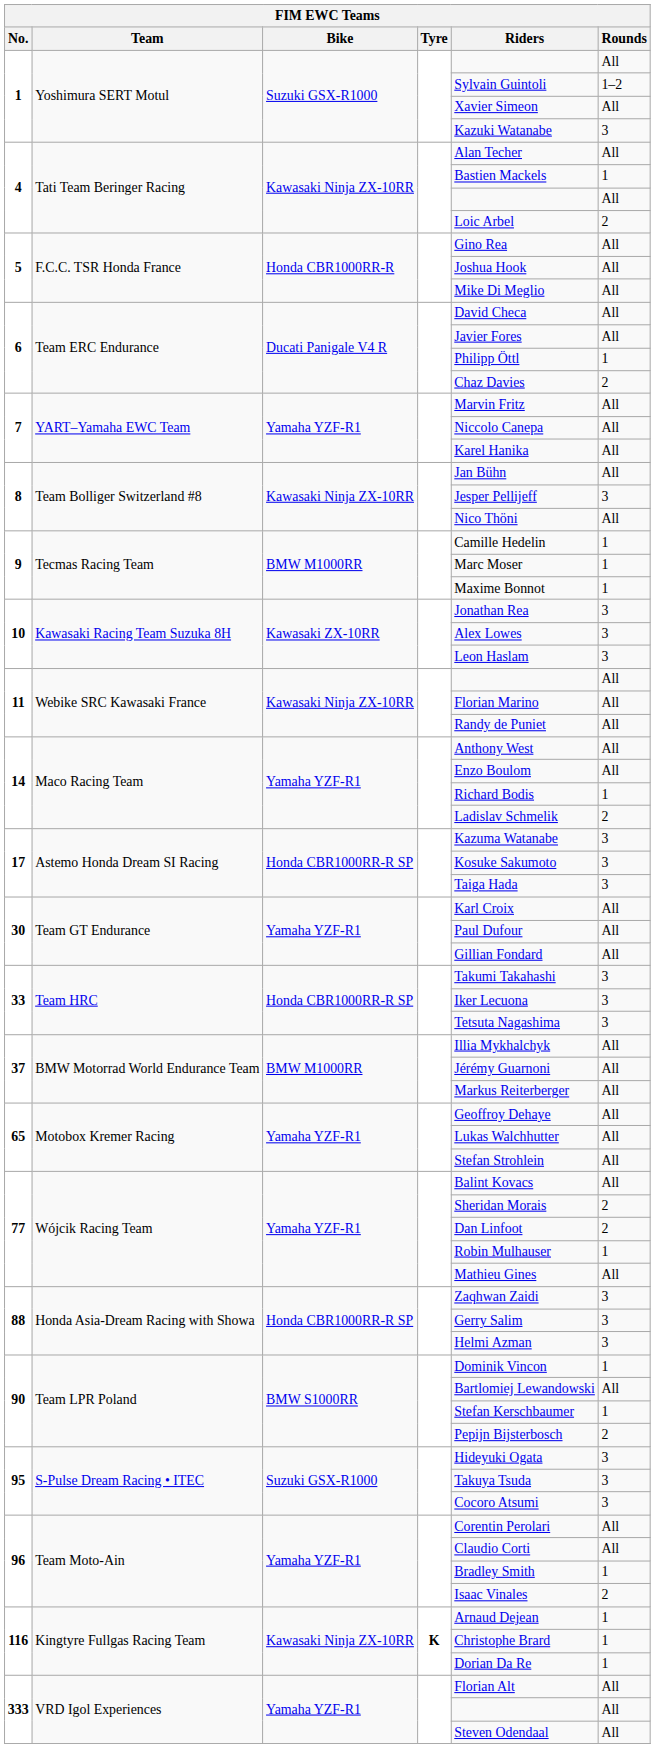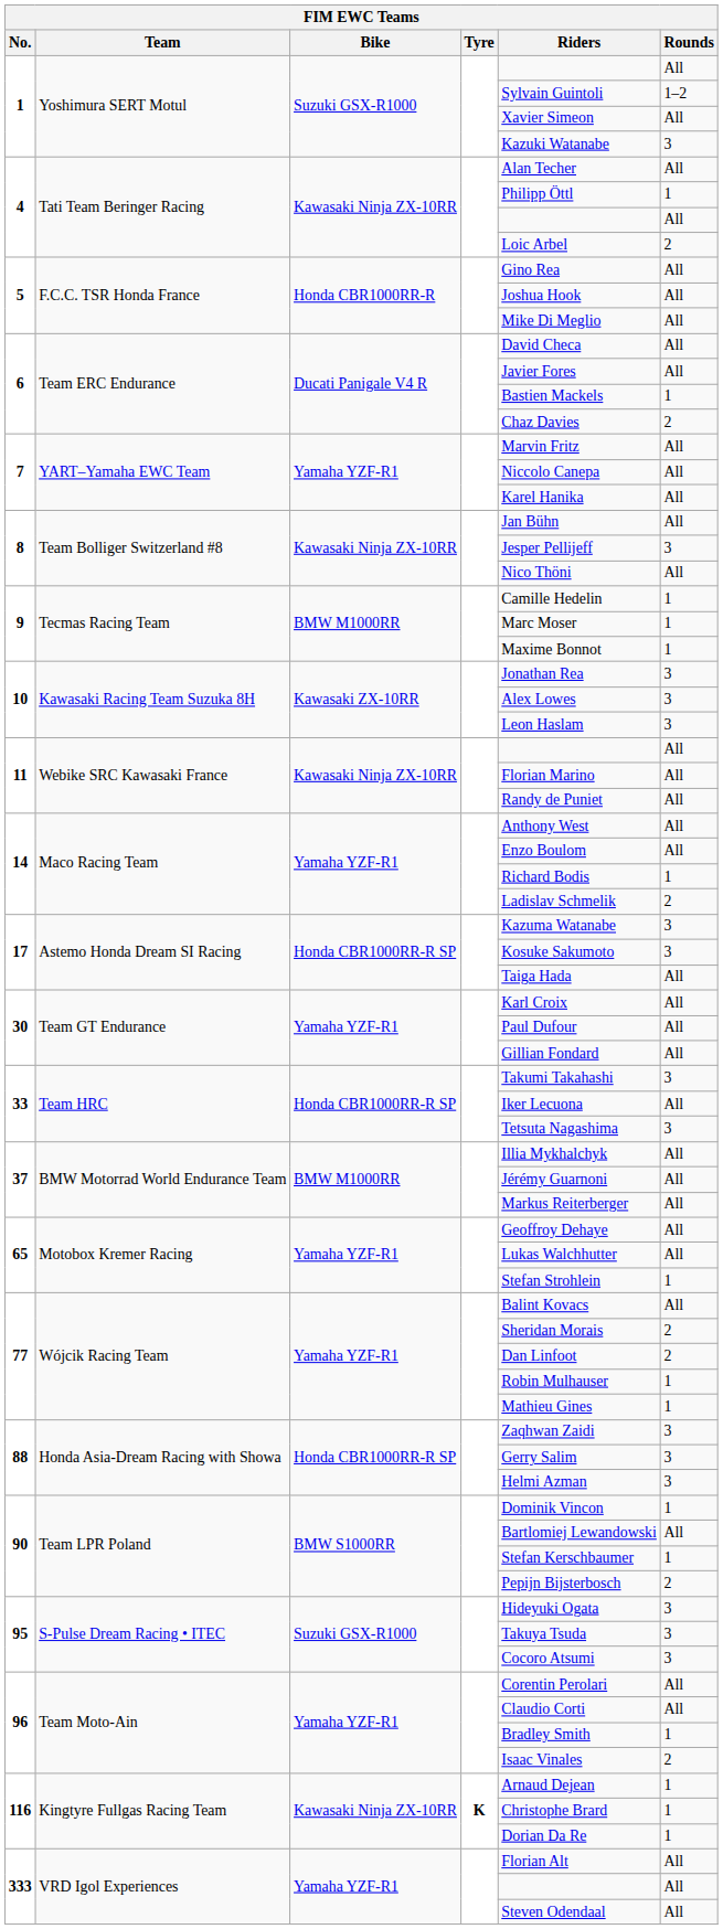 <table class="wikitable" style="font-size: 85%">
 <tr>
 <th colspan="6">FIM EWC Teams</th>
 </tr>
 <tr>
 <th>No.</th>
 <th>Team</th>
 <th>Bike</th>
 <th>Tyre</th>
 <th>Riders</th>
 <th>Rounds</th>
 </tr>
 <tr>
 <td rowspan=4 style="background:white; text-align:center;"><strong>1</strong></td>
 <td rowspan=4> Yoshimura SERT Motul</td>
 <td rowspan=4><a href='#'>Suzuki GSX-R1000</a></td>
 <td rowspan=4 style="background:white; text-align:center;"></td>
 <td> </td>
 <td>All</td>
 </tr>
 <tr>
 <td> <a href='#'>Sylvain Guintoli</a></td>
 <td>1–2</td>
 </tr>
 <tr>
 <td> <a href='#'>Xavier Simeon</a></td>
 <td>All</td>
 </tr>
 <tr>
 <td> <a href='#'>Kazuki Watanabe</a></td>
 <td>3</td>
 </tr>
 <tr>
 <td rowspan=4 style="background:white; text-align:center;"><strong>4</strong></td>
 <td rowspan=4> Tati Team Beringer Racing</td>
 <td rowspan=4><a href='#'>Kawasaki Ninja ZX-10RR</a></td>
 <td rowspan=4 style="background:white; text-align:center;"></td>
 <td> <a href='#'>Alan Techer</a></td>
 <td>All</td>
 </tr>
 <tr>
-<td> <a href='#'>Bastien Mackels</a></td>
+<td> <a href='#'>Philipp Öttl</a></td>
 <td>1</td>
 </tr>
 <tr>
 <td> </td>
 <td>All</td>
 </tr>
 <tr>
 <td> <a href='#'>Loic Arbel</a></td>
 <td>2</td>
 </tr>
 <tr>
 <td rowspan=3 style="background:white; text-align:center;"><strong>5</strong></td>
 <td rowspan=3> F.C.C. TSR Honda France</td>
 <td rowspan=3><a href='#'>Honda CBR1000RR-R</a></td>
 <td rowspan=3 style="background:white; text-align:center;"></td>
 <td> <a href='#'>Gino Rea</a></td>
 <td>All</td>
 </tr>
 <tr>
 <td> <a href='#'>Joshua Hook</a></td>
 <td>All</td>
 </tr>
 <tr>
 <td> <a href='#'>Mike Di Meglio</a></td>
 <td>All</td>
 </tr>
 <tr>
 <td rowspan=4 style="background:white; text-align:center;"><strong>6</strong></td>
 <td rowspan=4> Team ERC Endurance</td>
 <td rowspan=4><a href='#'>Ducati Panigale V4 R</a></td>
 <td rowspan=4 style="background:white; text-align:center;"></td>
 <td> <a href='#'>David Checa</a></td>
 <td>All</td>
 </tr>
 <tr>
 <td> <a href='#'>Javier Fores</a></td>
 <td>All</td>
 </tr>
 <tr>
-<td> <a href='#'>Philipp Öttl</a></td>
+<td> <a href='#'>Bastien Mackels</a></td>
 <td>1</td>
 </tr>
 <tr>
 <td> <a href='#'>Chaz Davies</a></td>
 <td>2</td>
 </tr>
 <tr>
 <td rowspan=3 style="background:white; text-align:center;"><strong>7</strong></td>
 <td rowspan=3> <a href='#'>YART–Yamaha EWC Team</a></td>
 <td rowspan=3><a href='#'>Yamaha YZF-R1</a></td>
 <td rowspan=3 style="background:white; text-align:center;"></td>
 <td> <a href='#'>Marvin Fritz</a></td>
 <td>All</td>
 </tr>
 <tr>
 <td> <a href='#'>Niccolo Canepa</a></td>
 <td>All</td>
 </tr>
 <tr>
 <td> <a href='#'>Karel Hanika</a></td>
 <td>All</td>
 </tr>
 <tr>
 <td rowspan=3 style="background:white; text-align:center;"><strong>8</strong></td>
 <td rowspan=3> Team Bolliger Switzerland #8</td>
 <td rowspan=3><a href='#'>Kawasaki Ninja ZX-10RR</a></td>
 <td rowspan=3 style="background:white; text-align:center;"></td>
 <td> <a href='#'>Jan Bühn</a></td>
 <td>All</td>
 </tr>
 <tr>
 <td> <a href='#'>Jesper Pellijeff</a></td>
 <td>3</td>
 </tr>
 <tr>
 <td> <a href='#'>Nico Thöni</a></td>
 <td>All</td>
 </tr>
 <tr>
 <td rowspan=3 style="background:white; text-align:center;"><strong>9</strong></td>
 <td rowspan="3"> Tecmas Racing Team</td>
 <td rowspan="3"><a href='#'>BMW M1000RR</a></td>
 <td rowspan=3 style="background:white; text-align:center;"></td>
 <td> Camille Hedelin</td>
 <td>1</td>
 </tr>
 <tr>
 <td> Marc Moser</td>
 <td>1</td>
 </tr>
 <tr>
 <td> Maxime Bonnot</td>
 <td>1</td>
 </tr>
 <tr>
 <td rowspan=3 style="background:white; text-align:center;"><strong>10</strong></td>
 <td rowspan=3> <a href='#'>Kawasaki Racing Team Suzuka 8H</a></td>
 <td rowspan=3><a href='#'>Kawasaki ZX-10RR</a></td>
 <td rowspan=3 style="background:white; text-align:center;"></td>
 <td> <a href='#'>Jonathan Rea</a></td>
 <td>3</td>
 </tr>
 <tr>
 <td> <a href='#'>Alex Lowes</a></td>
 <td>3</td>
 </tr>
 <tr>
 <td> <a href='#'>Leon Haslam</a></td>
 <td>3</td>
 </tr>
 <tr>
 <td rowspan=3 style="background:white; text-align:center;"><strong>11</strong></td>
 <td rowspan=3> Webike SRC Kawasaki France</td>
 <td rowspan=3><a href='#'>Kawasaki Ninja ZX-10RR</a></td>
 <td rowspan=3 style="background:white; text-align:center;"></td>
 <td> </td>
 <td>All</td>
 </tr>
 <tr>
 <td> <a href='#'>Florian Marino</a></td>
 <td>All</td>
 </tr>
 <tr>
 <td> <a href='#'>Randy de Puniet</a></td>
 <td>All</td>
 </tr>
 <tr>
 <td rowspan=4 style="background:white; text-align:center;"><strong>14</strong></td>
 <td rowspan=4> Maco Racing Team</td>
 <td rowspan=4><a href='#'>Yamaha YZF-R1</a></td>
 <td rowspan=4 style="background:white; text-align:center;"></td>
 <td> <a href='#'>Anthony West</a></td>
 <td>All</td>
 </tr>
 <tr>
 <td> <a href='#'>Enzo Boulom</a></td>
 <td>All</td>
 </tr>
 <tr>
 <td> <a href='#'>Richard Bodis</a></td>
 <td>1</td>
 </tr>
 <tr>
 <td> <a href='#'>Ladislav Schmelik</a></td>
 <td>2</td>
 </tr>
 <tr>
 <td rowspan=3 style="background:white; text-align:center;"><strong>17</strong></td>
 <td rowspan=3> Astemo Honda Dream SI Racing</td>
 <td rowspan=3><a href='#'>Honda CBR1000RR-R SP</a></td>
 <td rowspan=3 style="background:white; text-align:center;"></td>
 <td> <a href='#'>Kazuma Watanabe</a></td>
 <td>3</td>
 </tr>
 <tr>
 <td> <a href='#'>Kosuke Sakumoto</a></td>
 <td>3</td>
 </tr>
 <tr>
 <td> <a href='#'>Taiga Hada</a></td>
-<td>3</td>
+<td>All</td>
 </tr>
 <tr>
 <td rowspan=3 style="background:white; text-align:center;"><strong>30</strong></td>
 <td rowspan=3> Team GT Endurance</td>
 <td rowspan=3><a href='#'>Yamaha YZF-R1</a></td>
 <td rowspan=3 style="background:white; text-align:center;"></td>
 <td> <a href='#'>Karl Croix</a></td>
 <td>All</td>
 </tr>
 <tr>
 <td> <a href='#'>Paul Dufour</a></td>
 <td>All</td>
 </tr>
 <tr>
 <td> <a href='#'>Gillian Fondard</a></td>
 <td>All</td>
 </tr>
 <tr>
 <td rowspan=3 style="background:white; text-align:center;"><strong>33</strong></td>
 <td rowspan=3> <a href='#'>Team HRC</a></td>
 <td rowspan=3><a href='#'>Honda CBR1000RR-R SP</a></td>
 <td rowspan=3 style="background:white; text-align:center;"></td>
 <td> <a href='#'>Takumi Takahashi</a></td>
 <td>3</td>
 </tr>
 <tr>
 <td> <a href='#'>Iker Lecuona</a></td>
-<td>3</td>
+<td>All</td>
 </tr>
 <tr>
 <td> <a href='#'>Tetsuta Nagashima</a></td>
 <td>3</td>
 </tr>
 <tr>
 <td rowspan=3 style="background:white; text-align:center;"><strong>37</strong></td>
 <td rowspan=3> BMW Motorrad World Endurance Team</td>
 <td rowspan=3><a href='#'>BMW M1000RR</a></td>
 <td rowspan=3 style="background:white; text-align:center;"></td>
 <td> <a href='#'>Illia Mykhalchyk</a></td>
 <td>All</td>
 </tr>
 <tr>
 <td> <a href='#'>Jérémy Guarnoni</a></td>
 <td>All</td>
 </tr>
 <tr>
 <td> <a href='#'>Markus Reiterberger</a></td>
 <td>All</td>
 </tr>
 <tr>
 <td rowspan=3 style="background:white; text-align:center;"><strong>65</strong></td>
 <td rowspan=3> Motobox Kremer Racing</td>
 <td rowspan=3><a href='#'>Yamaha YZF-R1</a></td>
 <td rowspan=3 style="background:white; text-align:center;"></td>
 <td> <a href='#'>Geoffroy Dehaye</a></td>
 <td>All</td>
 </tr>
 <tr>
 <td> <a href='#'>Lukas Walchhutter</a></td>
 <td>All</td>
 </tr>
 <tr>
 <td> <a href='#'>Stefan Strohlein</a></td>
-<td>All</td>
+<td>1</td>
 </tr>
 <tr>
 <td rowspan=5 style="background:white; text-align:center;"><strong>77</strong></td>
 <td rowspan=5> Wójcik Racing Team</td>
 <td rowspan=5><a href='#'>Yamaha YZF-R1</a></td>
 <td rowspan=5 style="background:white; text-align:center;"></td>
 <td> <a href='#'>Balint Kovacs</a></td>
 <td>All</td>
 </tr>
 <tr>
 <td> <a href='#'>Sheridan Morais</a></td>
 <td>2</td>
 </tr>
 <tr>
 <td> <a href='#'>Dan Linfoot</a></td>
 <td>2</td>
 </tr>
 <tr>
 <td> <a href='#'>Robin Mulhauser</a></td>
 <td>1</td>
 </tr>
 <tr>
 <td> <a href='#'>Mathieu Gines</a></td>
-<td>All</td>
+<td>1</td>
 </tr>
 <tr>
 <td rowspan=3 style="background:white; text-align:center;"><strong>88</strong></td>
 <td rowspan=3> Honda Asia-Dream Racing with Showa</td>
 <td rowspan=3><a href='#'>Honda CBR1000RR-R SP</a></td>
 <td rowspan=3 style="background:white; text-align:center;"></td>
 <td> <a href='#'>Zaqhwan Zaidi</a></td>
 <td>3</td>
 </tr>
 <tr>
 <td> <a href='#'>Gerry Salim</a></td>
 <td>3</td>
 </tr>
 <tr>
 <td> <a href='#'>Helmi Azman</a></td>
 <td>3</td>
 </tr>
 <tr>
 <td rowspan=4 style="background:white; text-align:center;"><strong>90</strong></td>
 <td rowspan=4> Team LPR Poland</td>
 <td rowspan=4><a href='#'>BMW S1000RR</a></td>
 <td rowspan=4 style="background:white; text-align:center;"></td>
 <td> <a href='#'>Dominik Vincon</a></td>
 <td>1</td>
 </tr>
 <tr>
 <td> <a href='#'>Bartlomiej Lewandowski</a></td>
 <td>All</td>
 </tr>
 <tr>
 <td> <a href='#'>Stefan Kerschbaumer</a></td>
 <td>1</td>
 </tr>
 <tr>
 <td> <a href='#'>Pepijn Bijsterbosch</a></td>
 <td>2</td>
 </tr>
 <tr>
 <td rowspan=3 style="background:white; text-align:center;"><strong>95</strong></td>
 <td rowspan=3> <a href='#'>S-Pulse Dream Racing • ITEC</a></td>
 <td rowspan=3><a href='#'>Suzuki GSX-R1000</a></td>
 <td rowspan=3 style="background:white; text-align:center;"></td>
 <td> <a href='#'>Hideyuki Ogata</a></td>
 <td>3</td>
 </tr>
 <tr>
 <td> <a href='#'>Takuya Tsuda</a></td>
 <td>3</td>
 </tr>
 <tr>
 <td> <a href='#'>Cocoro Atsumi</a></td>
 <td>3</td>
 </tr>
 <tr>
 <td rowspan=4 style="background:white; text-align:center;"><strong>96</strong></td>
 <td rowspan=4> Team Moto-Ain</td>
 <td rowspan=4><a href='#'>Yamaha YZF-R1</a></td>
 <td rowspan=4 style="background:white; text-align:center;"></td>
 <td> <a href='#'>Corentin Perolari</a></td>
 <td>All</td>
 </tr>
 <tr>
 <td> <a href='#'>Claudio Corti</a></td>
 <td>All</td>
 </tr>
 <tr>
 <td> <a href='#'>Bradley Smith</a></td>
 <td>1</td>
 </tr>
 <tr>
 <td> <a href='#'>Isaac Vinales</a></td>
 <td>2</td>
 </tr>
 <tr>
 <td rowspan=3 style="background:white; text-align:center;"><strong>116</strong></td>
 <td rowspan=3> Kingtyre Fullgas Racing Team</td>
 <td rowspan=3><a href='#'>Kawasaki Ninja ZX-10RR</a></td>
 <td rowspan=3 style="background:white; text-align:center;"><strong>K</strong></td>
 <td> <a href='#'>Arnaud Dejean</a></td>
 <td>1</td>
 </tr>
 <tr>
 <td> <a href='#'>Christophe Brard</a></td>
 <td>1</td>
 </tr>
 <tr>
 <td> <a href='#'>Dorian Da Re</a></td>
 <td>1</td>
 </tr>
 <tr>
 <td rowspan=3 style="background:white; text-align:center;"><strong>333</strong></td>
 <td rowspan=3> VRD Igol Experiences</td>
 <td rowspan=3><a href='#'>Yamaha YZF-R1</a></td>
 <td rowspan=3 style="background:white; text-align:center;"></td>
 <td> <a href='#'>Florian Alt</a></td>
 <td>All</td>
 </tr>
 <tr>
 <td> </td>
 <td>All</td>
 </tr>
 <tr>
 <td> <a href='#'>Steven Odendaal</a></td>
 <td>All</td>
 </tr>
 <tr>
 </tr>
 </table>
